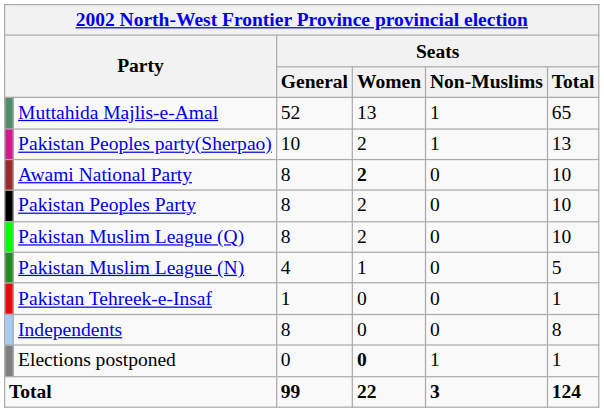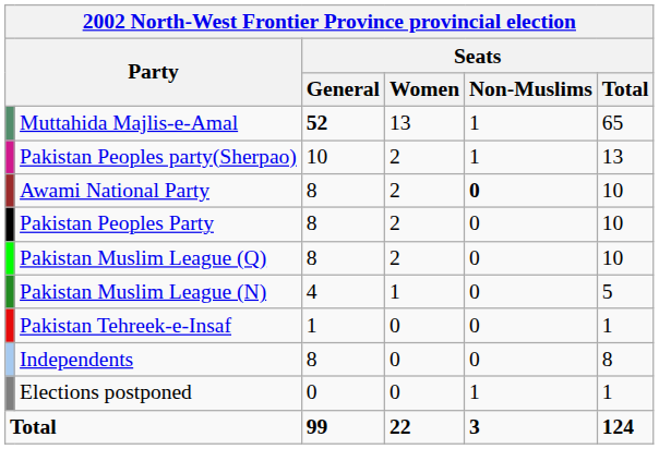 <table class="wikitable">
 <tr>
 <th colspan="8"><a href='#'>2002 North-West Frontier Province provincial election</a></th>
 </tr>
 <tr>
 <th colspan="4" rowspan="2">Party</th>
 <th colspan="4">Seats</th>
 </tr>
 <tr>
 <th>General</th>
 <th>Women</th>
 <th>Non-Muslims</th>
 <th>Total</th>
 </tr>
 <tr>
 <td style="color:inherit;background:#528d6b"></td>
 <td colspan="3"><a href='#'>Muttahida Majlis-e-Amal</a></td>
-<td>52</td>
+<td><strong>52</strong></td>
 <td>13</td>
 <td>1</td>
 <td>65</td>
 </tr>
 <tr>
 <td style="color:inherit;background:#d1188d"></td>
 <td colspan="3"><a href='#'>Pakistan Peoples party(Sherpao)</a></td>
 <td>10</td>
 <td>2</td>
 <td>1</td>
 <td>13</td>
 </tr>
 <tr>
 <td style="color:inherit;background:#9b2b2b"></td>
 <td colspan="3"><a href='#'>Awami National Party</a></td>
 <td>8</td>
-<td><strong>2</strong></td>
-<td>0</td>
+<td>2</td>
+<td><strong>0</strong></td>
 <td>10</td>
 </tr>
 <tr>
 <td style="color:inherit;background:#000000"></td>
 <td colspan="3"><a href='#'>Pakistan Peoples Party</a></td>
 <td>8</td>
 <td>2</td>
 <td>0</td>
 <td>10</td>
 </tr>
 <tr>
 <td style="color:inherit;background:#00ff00"></td>
 <td colspan="3"><a href='#'>Pakistan Muslim League (Q)</a></td>
 <td>8</td>
 <td>2</td>
 <td>0</td>
 <td>10</td>
 </tr>
 <tr>
 <td style="color:inherit;background:#228b22"></td>
 <td colspan="3"><a href='#'>Pakistan Muslim League (N)</a></td>
 <td>4</td>
 <td>1</td>
 <td>0</td>
 <td>5</td>
 </tr>
 <tr>
 <td style="color:inherit;background:#e70a0a"></td>
 <td colspan="3"><a href='#'>Pakistan Tehreek-e-Insaf</a></td>
 <td>1</td>
 <td>0</td>
 <td>0</td>
 <td>1</td>
 </tr>
 <tr>
 <td style="color:inherit;background:#a6caf0"></td>
 <td colspan="3"><a href='#'>Independents</a></td>
 <td>8</td>
 <td>0</td>
 <td>0</td>
 <td>8</td>
 </tr>
 <tr>
 <td style="color:inherit;background:#7f7f7f"></td>
 <td colspan="3">Elections postponed</td>
 <td>0</td>
-<td><strong>0</strong></td>
+<td>0</td>
 <td>1</td>
 <td>1</td>
 </tr>
 <tr>
 <td colspan="4"><strong>Total</strong></td>
 <td><strong>99</strong></td>
 <td><strong>22</strong></td>
 <td><strong>3</strong></td>
 <td><strong>124</strong></td>
 </tr>
 </table>
